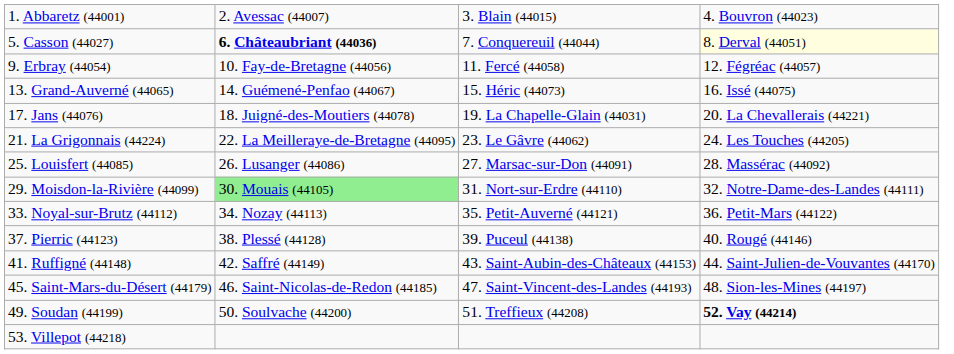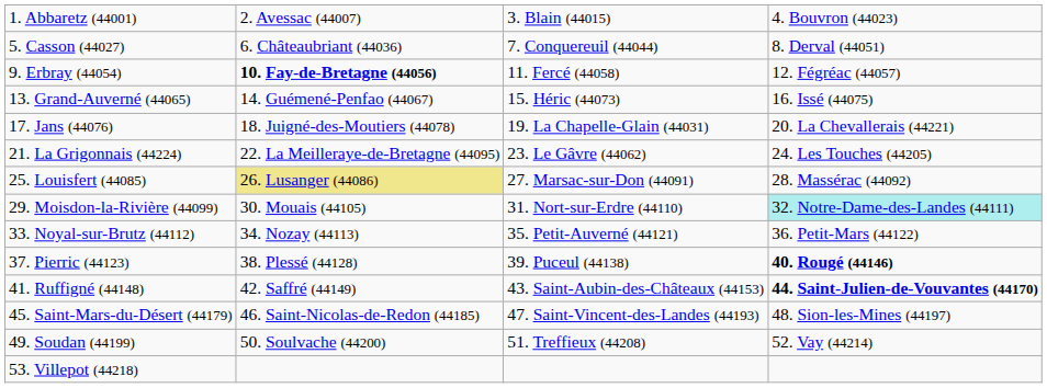 <table class="wikitable">
 <tr>
 <td>1. <a href='#'>Abbaretz</a> <small>(44001)</small></td>
 <td>2. <a href='#'>Avessac</a> <small>(44007)</small></td>
 <td>3. <a href='#'>Blain</a> <small>(44015)</small></td>
 <td>4. <a href='#'>Bouvron</a> <small>(44023)</small></td>
 </tr>
 <tr>
 <td>5. <a href='#'>Casson</a> <small>(44027)</small></td>
-<td><strong>6. <a href='#'>Châteaubriant</a> <small>(44036)</small></strong></td>
+<td>6. <a href='#'>Châteaubriant</a> <small>(44036)</small></td>
 <td>7. <a href='#'>Conquereuil</a> <small>(44044)</small></td>
-<td style="background: lightyellow;">8. <a href='#'>Derval</a> <small>(44051)</small></td>
+<td>8. <a href='#'>Derval</a> <small>(44051)</small></td>
 </tr>
 <tr>
 <td>9. <a href='#'>Erbray</a> <small>(44054)</small></td>
-<td>10. <a href='#'>Fay-de-Bretagne</a> <small>(44056)</small></td>
+<td><strong>10. <a href='#'>Fay-de-Bretagne</a> <small>(44056)</small></strong></td>
 <td>11. <a href='#'>Fercé</a> <small>(44058)</small></td>
 <td>12. <a href='#'>Fégréac</a> <small>(44057)</small></td>
 </tr>
 <tr>
 <td>13. <a href='#'>Grand-Auverné</a> <small>(44065)</small></td>
 <td>14. <a href='#'>Guémené-Penfao</a> <small>(44067)</small></td>
 <td>15. <a href='#'>Héric</a> <small>(44073)</small></td>
 <td>16. <a href='#'>Issé</a> <small>(44075)</small></td>
 </tr>
 <tr>
 <td>17. <a href='#'>Jans</a> <small>(44076)</small></td>
 <td>18. <a href='#'>Juigné-des-Moutiers</a> <small>(44078)</small></td>
 <td>19. <a href='#'>La Chapelle-Glain</a> <small>(44031)</small></td>
 <td>20. <a href='#'>La Chevallerais</a> <small>(44221)</small></td>
 </tr>
 <tr>
 <td>21. <a href='#'>La Grigonnais</a> <small>(44224)</small></td>
 <td>22. <a href='#'>La Meilleraye-de-Bretagne</a> <small>(44095)</small></td>
 <td>23. <a href='#'>Le Gâvre</a> <small>(44062)</small></td>
 <td>24. <a href='#'>Les Touches</a> <small>(44205)</small></td>
 </tr>
 <tr>
 <td>25. <a href='#'>Louisfert</a> <small>(44085)</small></td>
-<td>26. <a href='#'>Lusanger</a> <small>(44086)</small></td>
+<td style="background: khaki;">26. <a href='#'>Lusanger</a> <small>(44086)</small></td>
 <td>27. <a href='#'>Marsac-sur-Don</a> <small>(44091)</small></td>
 <td>28. <a href='#'>Massérac</a> <small>(44092)</small></td>
 </tr>
 <tr>
 <td>29. <a href='#'>Moisdon-la-Rivière</a> <small>(44099)</small></td>
-<td style="background: lightgreen;">30. <a href='#'>Mouais</a> <small>(44105)</small></td>
+<td>30. <a href='#'>Mouais</a> <small>(44105)</small></td>
 <td>31. <a href='#'>Nort-sur-Erdre</a> <small>(44110)</small></td>
-<td>32. <a href='#'>Notre-Dame-des-Landes</a> <small>(44111)</small></td>
+<td style="background: paleturquoise;">32. <a href='#'>Notre-Dame-des-Landes</a> <small>(44111)</small></td>
 </tr>
 <tr>
 <td>33. <a href='#'>Noyal-sur-Brutz</a> <small>(44112)</small></td>
 <td>34. <a href='#'>Nozay</a> <small>(44113)</small></td>
 <td>35. <a href='#'>Petit-Auverné</a> <small>(44121)</small></td>
 <td>36. <a href='#'>Petit-Mars</a> <small>(44122)</small></td>
 </tr>
 <tr>
 <td>37. <a href='#'>Pierric</a> <small>(44123)</small></td>
 <td>38. <a href='#'>Plessé</a> <small>(44128)</small></td>
 <td>39. <a href='#'>Puceul</a> <small>(44138)</small></td>
-<td>40. <a href='#'>Rougé</a> <small>(44146)</small></td>
+<td><strong>40. <a href='#'>Rougé</a> <small>(44146)</small></strong></td>
 </tr>
 <tr>
 <td>41. <a href='#'>Ruffigné</a> <small>(44148)</small></td>
 <td>42. <a href='#'>Saffré</a> <small>(44149)</small></td>
 <td>43. <a href='#'>Saint-Aubin-des-Châteaux</a> <small>(44153)</small></td>
-<td>44. <a href='#'>Saint-Julien-de-Vouvantes</a> <small>(44170)</small></td>
+<td><strong>44. <a href='#'>Saint-Julien-de-Vouvantes</a> <small>(44170)</small></strong></td>
 </tr>
 <tr>
 <td>45. <a href='#'>Saint-Mars-du-Désert</a> <small>(44179)</small></td>
 <td>46. <a href='#'>Saint-Nicolas-de-Redon</a> <small>(44185)</small></td>
 <td>47. <a href='#'>Saint-Vincent-des-Landes</a> <small>(44193)</small></td>
 <td>48. <a href='#'>Sion-les-Mines</a> <small>(44197)</small></td>
 </tr>
 <tr>
 <td>49. <a href='#'>Soudan</a> <small>(44199)</small></td>
 <td>50. <a href='#'>Soulvache</a> <small>(44200)</small></td>
 <td>51. <a href='#'>Treffieux</a> <small>(44208)</small></td>
-<td><strong>52. <a href='#'>Vay</a> <small>(44214)</small></strong></td>
+<td>52. <a href='#'>Vay</a> <small>(44214)</small></td>
 </tr>
 <tr>
 <td>53. <a href='#'>Villepot</a> <small>(44218)</small></td>
 <td></td>
 <td></td>
 <td></td>
 </tr>
 </table>
